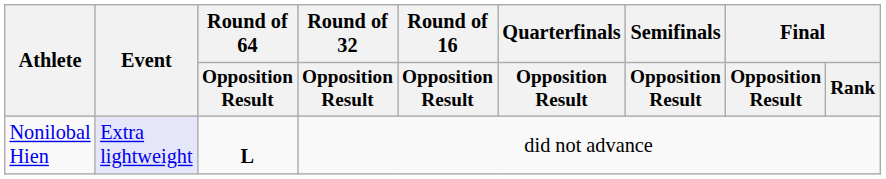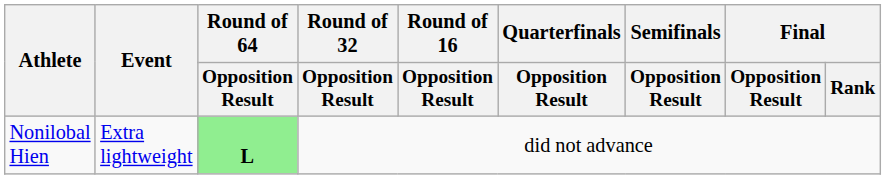 <table class="wikitable" style="font-size:90%">
 <tr>
 <th rowspan="2">Athlete</th>
 <th rowspan="2">Event</th>
 <th>Round of 64</th>
 <th>Round of 32</th>
 <th>Round of 16</th>
 <th>Quarterfinals</th>
 <th>Semifinals</th>
 <th colspan=2>Final</th>
 </tr>
 <tr style="font-size:95%">
 <th>Opposition<br>Result</th>
 <th>Opposition<br>Result</th>
 <th>Opposition<br>Result</th>
 <th>Opposition<br>Result</th>
 <th>Opposition<br>Result</th>
 <th>Opposition<br>Result</th>
 <th>Rank</th>
 </tr>
 <tr align=center>
 <td align=left><a href='#'>Nonilobal Hien</a></td>
-<td align=left style="background: lavender;"><a href='#'>Extra lightweight</a></td>
-<td><br><strong>L</strong></td>
+<td align=left><a href='#'>Extra lightweight</a></td>
+<td style="background: lightgreen;"><br><strong>L</strong></td>
 <td colspan=6>did not advance</td>
 </tr>
 </table>
